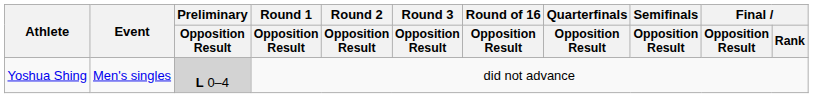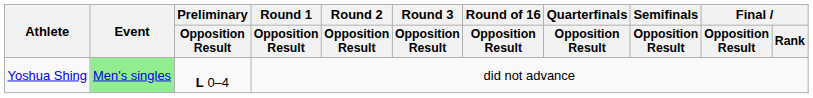 <table class="wikitable" style="font-size:90%;">
 <tr>
 <th rowspan=2>Athlete</th>
 <th rowspan=2>Event</th>
 <th>Preliminary</th>
 <th>Round 1</th>
 <th>Round 2</th>
 <th>Round 3</th>
 <th>Round of 16</th>
 <th>Quarterfinals</th>
 <th>Semifinals</th>
 <th colspan=2>Final / </th>
 </tr>
 <tr style="font-size:95%">
 <th>Opposition<br>Result</th>
 <th>Opposition<br>Result</th>
 <th>Opposition<br>Result</th>
 <th>Opposition<br>Result</th>
 <th>Opposition<br>Result</th>
 <th>Opposition<br>Result</th>
 <th>Opposition<br>Result</th>
 <th>Opposition<br>Result</th>
 <th>Rank</th>
 </tr>
 <tr align=center>
 <td align=left><a href='#'>Yoshua Shing</a></td>
-<td align=left><a href='#'>Men's singles</a></td>
-<td style="background: lightgrey;"><br><strong>L</strong> 0–4</td>
+<td align=left style="background: lightgreen;"><a href='#'>Men's singles</a></td>
+<td><br><strong>L</strong> 0–4</td>
 <td colspan=8>did not advance</td>
 </tr>
 </table>
